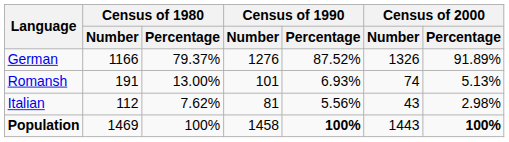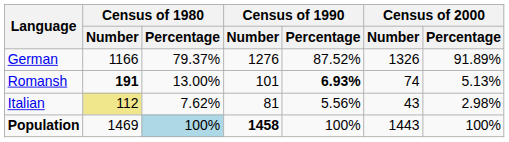 <table class="wikitable">
 <tr ---->
 <th rowspan="2">Language</th>
 <th colspan="2">Census of 1980</th>
 <th colspan="2">Census of 1990</th>
 <th colspan="2">Census of 2000</th>
 </tr>
 <tr ---->
 <th>Number</th>
 <th>Percentage</th>
 <th>Number</th>
 <th>Percentage</th>
 <th>Number</th>
 <th>Percentage</th>
 </tr>
 <tr ---->
 <td><a href='#'>German</a></td>
 <td align=right>1166</td>
 <td align=right>79.37%</td>
 <td align=right>1276</td>
 <td align=right>87.52%</td>
 <td align=right>1326</td>
 <td align=right>91.89%</td>
 </tr>
 <tr ---->
 <td><a href='#'>Romansh</a></td>
-<td align=right>191</td>
+<td align=right><strong>191</strong></td>
 <td align=right>13.00%</td>
 <td align=right>101</td>
-<td align=right>6.93%</td>
+<td align=right><strong>6.93%</strong></td>
 <td align=right>74</td>
 <td align=right>5.13%</td>
 </tr>
 <tr ---->
 <td><a href='#'>Italian</a></td>
-<td align=right>112</td>
+<td align=right style="background: khaki;">112</td>
 <td align=right>7.62%</td>
 <td align=right>81</td>
 <td align=right>5.56%</td>
 <td align=right>43</td>
 <td align=right>2.98%</td>
 </tr>
 <tr ---->
 <td><strong>Population</strong></td>
 <td align=right>1469</td>
+<td align=right style="background: lightblue;">100%</td>
+<td align=right><strong>1458</strong></td>
 <td align=right>100%</td>
-<td align=right>1458</td>
-<td align=right><strong>100%</strong></td>
 <td align=right>1443</td>
-<td align=right><strong>100%</strong></td>
+<td align=right>100%</td>
 </tr>
 </table>
